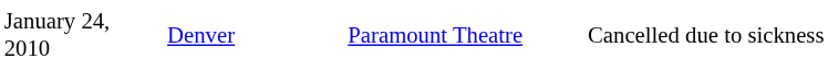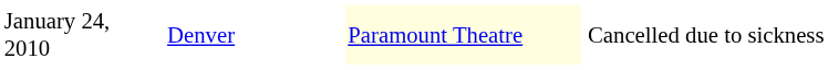 <table cellpadding="2" style="border: 0px solid darkgray; font-size:90%">
 <tr>
 <th width="150"></th>
 <th width="175"></th>
 <th width="230"></th>
 <th width="450"></th>
 </tr>
 <tr>
 <td>January 24, 2010</td>
 <td><a href='#'>Denver</a></td>
-<td><a href='#'>Paramount Theatre</a></td>
+<td style="background: lightyellow;"><a href='#'>Paramount Theatre</a></td>
 <td>Cancelled due to sickness</td>
 </tr>
 </table>
